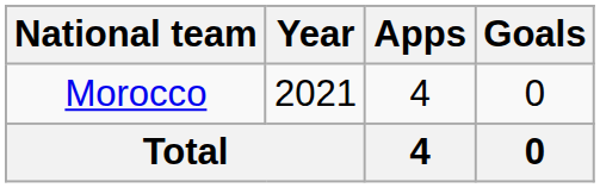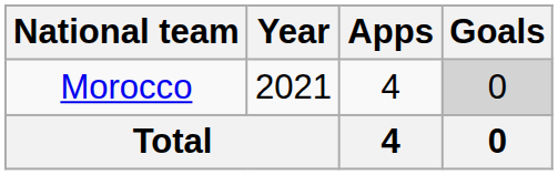 <table class="wikitable" style="text-align:center">
 <tr>
 <th>National team</th>
 <th>Year</th>
 <th>Apps</th>
 <th>Goals</th>
 </tr>
 <tr>
 <td rowspan="1"><a href='#'>Morocco</a></td>
 <td>2021</td>
 <td>4</td>
-<td>0</td>
+<td style="background: lightgrey;">0</td>
 </tr>
 <tr>
 <th colspan="2">Total</th>
 <th>4</th>
 <th>0</th>
 </tr>
 </table>
